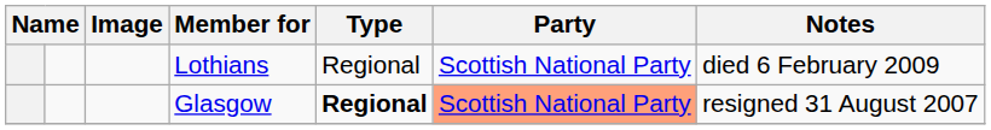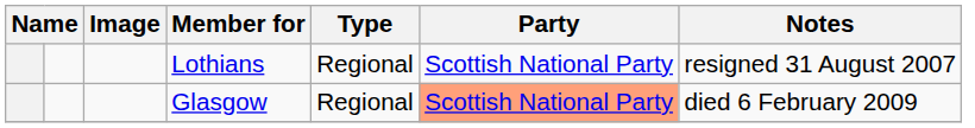 <table class="sortable wikitable">
 <tr style="vertical-align:bottom">
 <th colspan="2">Name</th>
 <th>Image</th>
 <th>Member for</th>
 <th>Type</th>
 <th>Party</th>
 <th>Notes</th>
 </tr>
 <tr>
 <th style="background-color: "></th>
 <td></td>
 <td></td>
 <td><a href='#'>Lothians</a></td>
 <td>Regional</td>
 <td><a href='#'>Scottish National Party</a></td>
-<td>died 6 February 2009</td>
+<td>resigned 31 August 2007</td>
 </tr>
 <tr h>
 <th style="background-color: "></th>
 <td></td>
 <td></td>
 <td><a href='#'>Glasgow</a></td>
-<td><strong>Regional</strong></td>
+<td>Regional</td>
 <td style="background: lightsalmon;"><a href='#'>Scottish National Party</a></td>
-<td>resigned 31 August 2007</td>
+<td>died 6 February 2009</td>
 </tr>
 <tr>
 </tr>
 </table>
